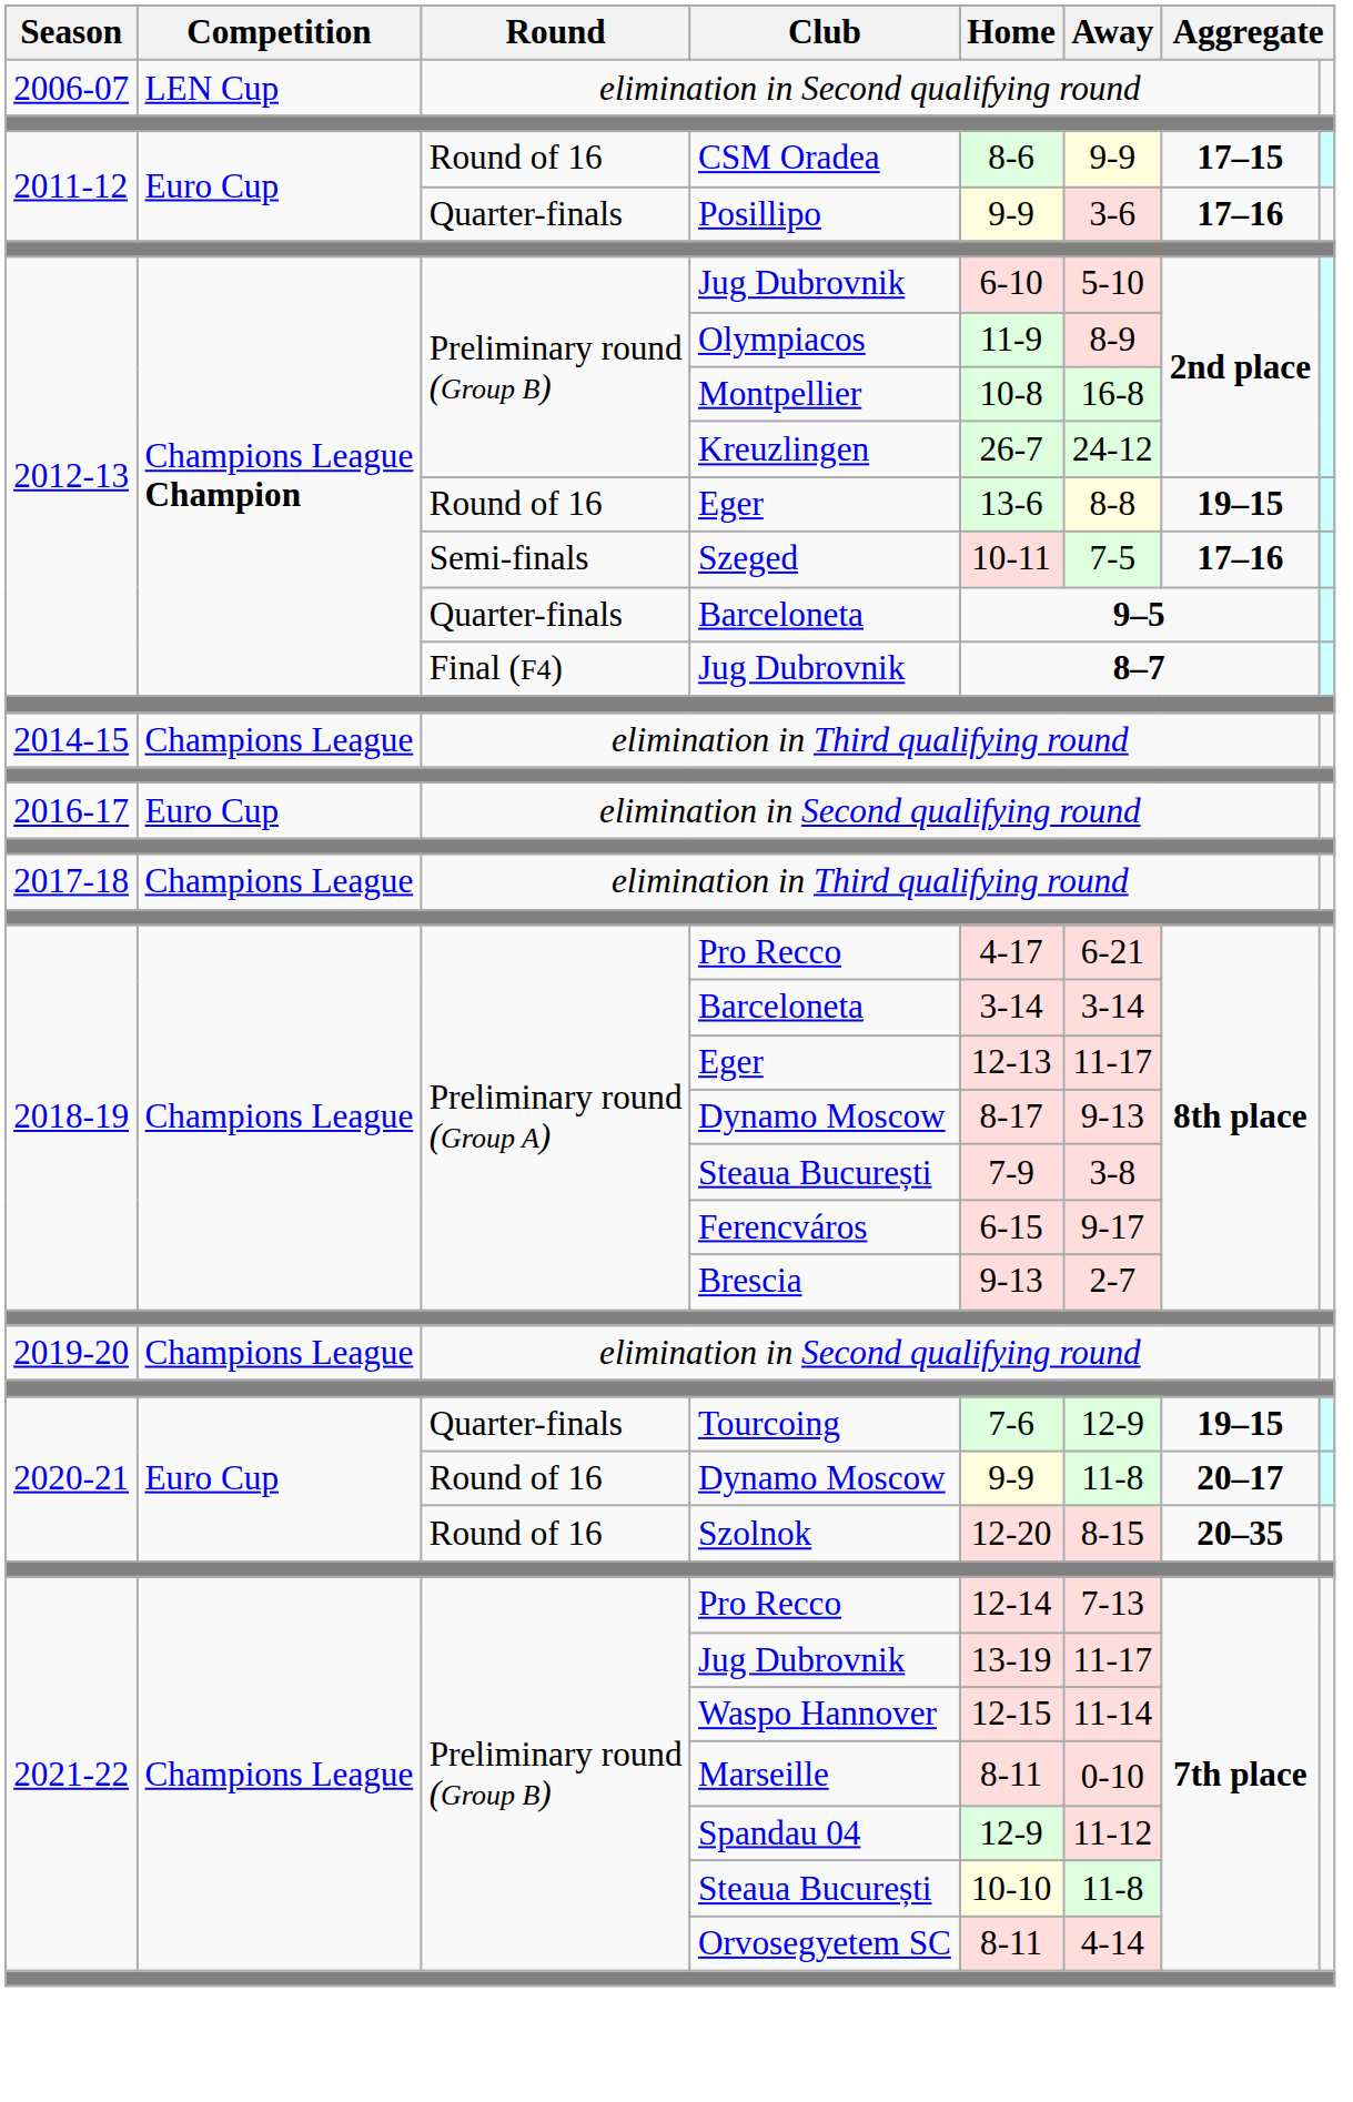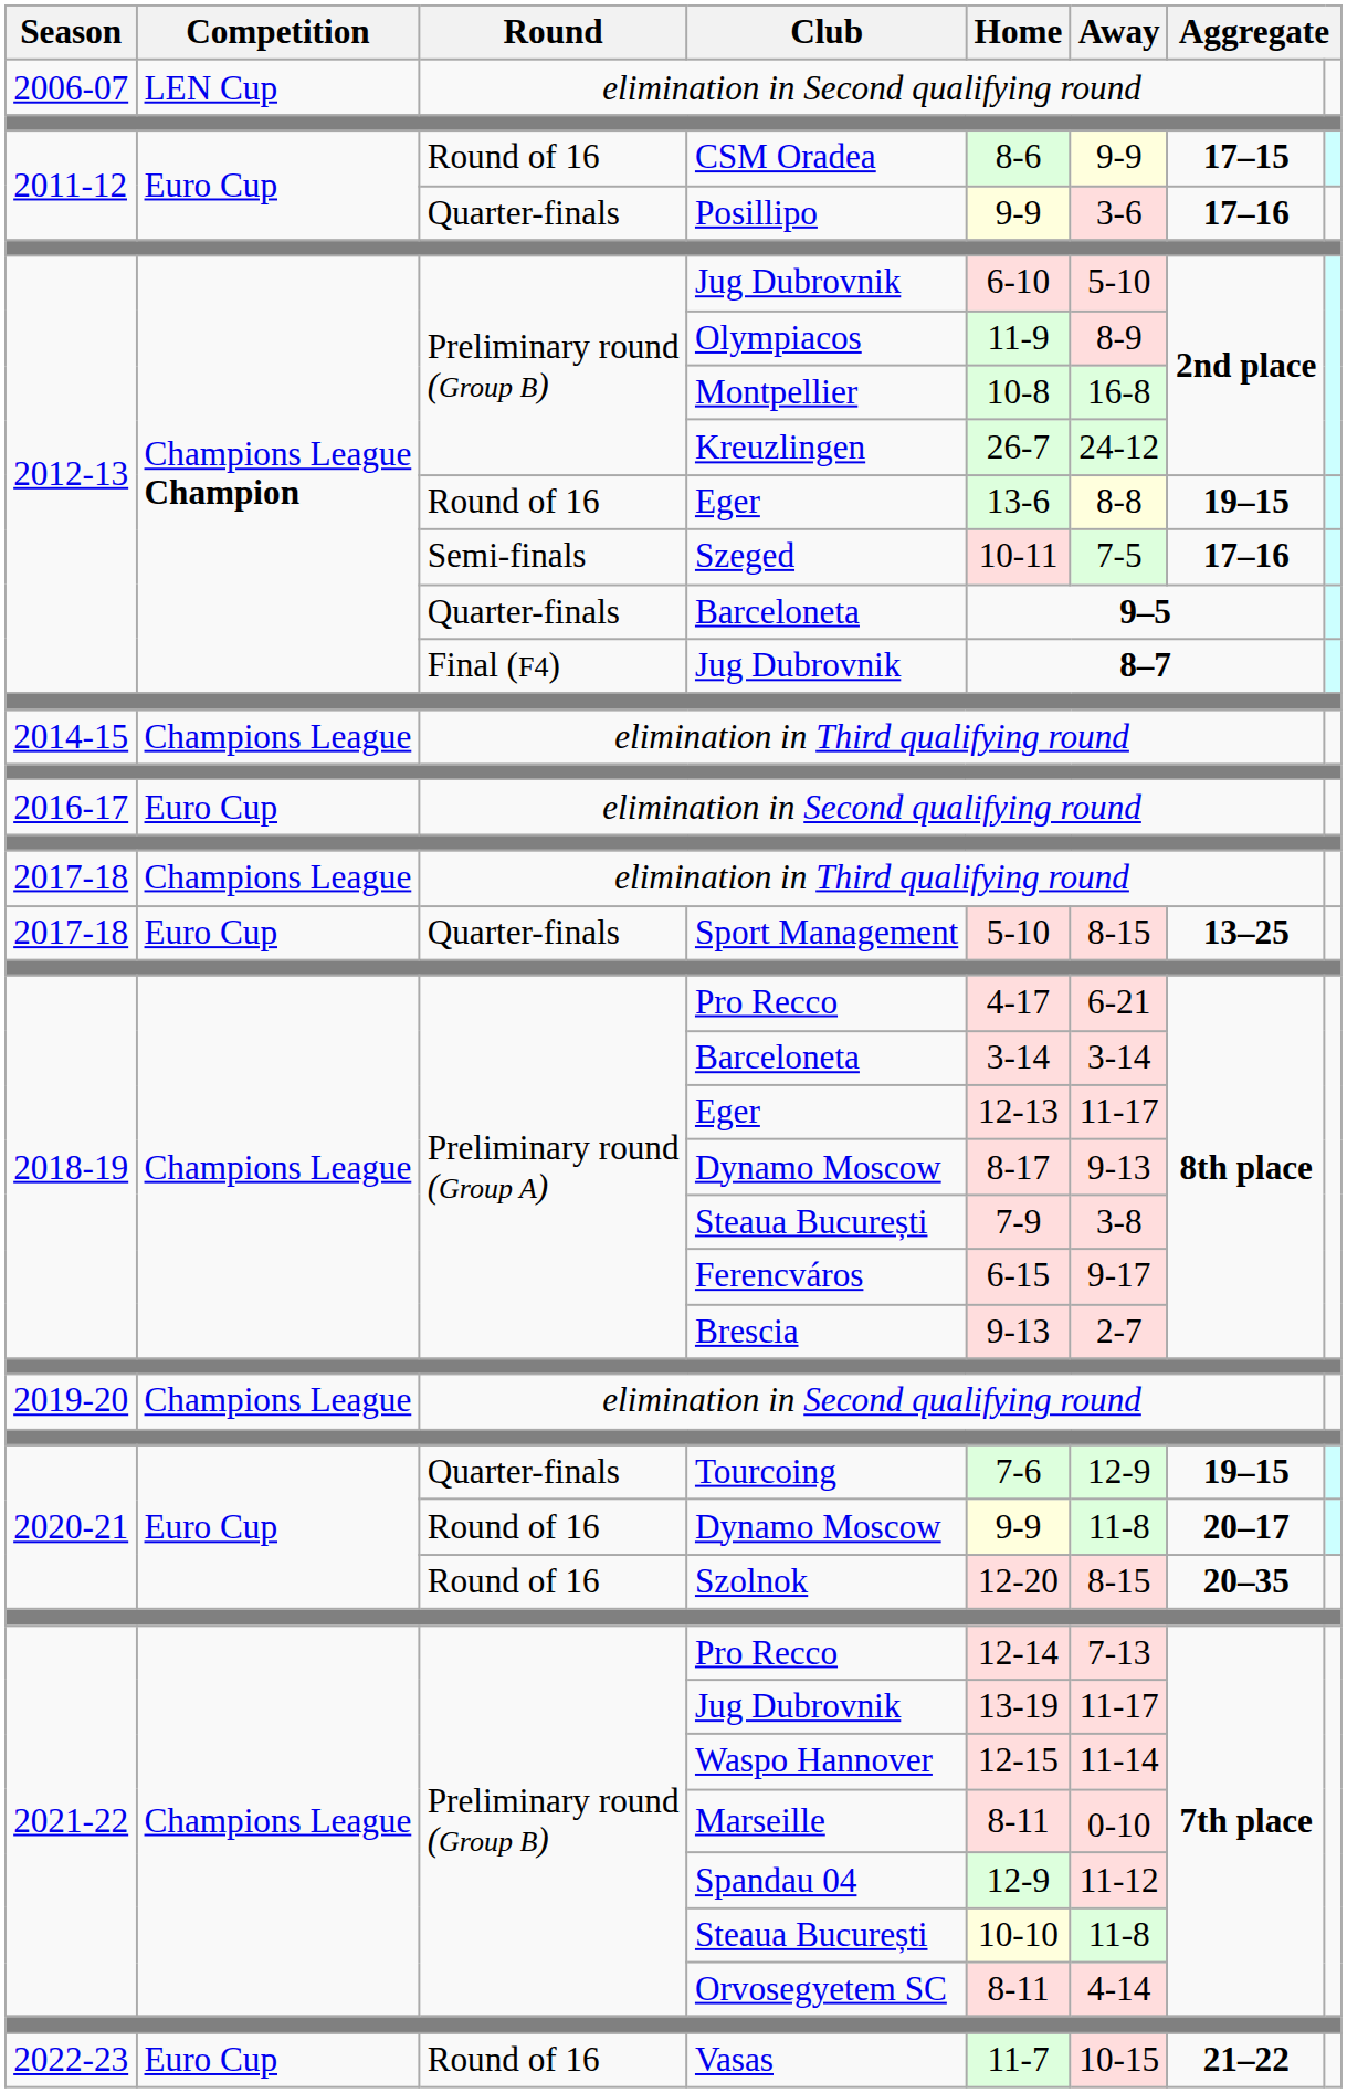 <table class="wikitable collapsible collapsed" align="center" style="text-align:left;">
 <tr>
 <th>Season</th>
 <th>Competition</th>
 <th>Round</th>
 <th>Club</th>
 <th>Home</th>
 <th>Away</th>
 <th colspan=2>Aggregate</th>
 </tr>
 <tr>
 <td rowspan=1><a href='#'>2006-07</a></td>
 <td rowspan=1><a href='#'>LEN Cup</a></td>
 <td colspan=5; align="center"><em>elimination in Second qualifying round</em></td>
 <td align="center"></td>
 </tr>
 <tr>
 <td colspan=8 style="text-align: center;" bgcolor=grey></td>
 </tr>
 <tr>
 <td rowspan=2><a href='#'>2011-12</a></td>
 <td rowspan=2><a href='#'>Euro Cup</a></td>
 <td>Round of 16</td>
 <td> <a href='#'>CSM Oradea</a></td>
 <td style="text-align:center; background:#dfd;">8-6</td>
 <td style="text-align:center; background:#ffd;">9-9</td>
 <td align=center><strong>17–15</strong></td>
 <td style="background-color:#CFF" align="center"></td>
 </tr>
 <tr>
 <td>Quarter-finals</td>
 <td> <a href='#'>Posillipo</a></td>
 <td style="text-align:center; background:#ffd;">9-9</td>
 <td style="text-align:center; background:#fdd;">3-6</td>
 <td align=center><strong>17–16</strong></td>
 <td align="center"></td>
 </tr>
 <tr>
 <td colspan=8 style="text-align: center;" bgcolor=grey></td>
 </tr>
 <tr>
 <td rowspan=8><a href='#'>2012-13</a></td>
 <td rowspan=8><a href='#'>Champions League</a><br> <strong>Champion</strong></td>
 <td rowspan=4>Preliminary round<br><em>(<small>Group B</small>)</em></td>
 <td> <a href='#'>Jug Dubrovnik</a></td>
 <td style="text-align:center; background:#fdd;">6-10</td>
 <td style="text-align:center; background:#fdd;">5-10</td>
 <td align=center rowspan=4><strong>2nd place</strong></td>
 <td style="background-color:#CFF" align="center" rowspan=4></td>
 </tr>
 <tr>
 <td> <a href='#'>Olympiacos</a></td>
 <td style="text-align:center; background:#dfd;">11-9</td>
 <td style="text-align:center; background:#fdd;">8-9</td>
 </tr>
 <tr>
 <td> <a href='#'>Montpellier</a></td>
 <td style="text-align:center; background:#dfd;">10-8</td>
 <td style="text-align:center; background:#dfd;">16-8</td>
 </tr>
 <tr>
 <td> <a href='#'>Kreuzlingen</a></td>
 <td style="text-align:center; background:#dfd;">26-7</td>
 <td style="text-align:center; background:#dfd;">24-12</td>
 </tr>
 <tr>
 <td>Round of 16</td>
 <td> <a href='#'>Eger</a></td>
 <td style="text-align:center; background:#dfd;">13-6</td>
 <td style="text-align:center; background:#ffd;">8-8</td>
 <td style="text-align:center;"><strong>19–15</strong></td>
 <td style="background-color:#CFF" align="center"></td>
 </tr>
 <tr>
 <td>Semi-finals</td>
 <td> <a href='#'>Szeged</a></td>
 <td style="text-align:center; background:#fdd;">10-11</td>
 <td style="text-align:center; background:#dfd;">7-5</td>
 <td align=center><strong>17–16</strong></td>
 <td style="background-color:#CFF" align="center"></td>
 </tr>
 <tr>
 <td>Quarter-finals</td>
 <td> <a href='#'>Barceloneta</a></td>
 <td colspan=3; style="text-align:center"><strong>9–5</strong></td>
 <td style="background-color:#CFF" align="center"></td>
 </tr>
 <tr>
 <td>Final (<small>F4</small>)</td>
 <td> <a href='#'>Jug Dubrovnik</a></td>
 <td colspan=3; style="text-align:center"><strong>8–7</strong></td>
 <td style="background-color:#CFF" align="center"></td>
 </tr>
 <tr>
 <td colspan=8 style="text-align: center;" bgcolor=grey></td>
 </tr>
 <tr>
 <td rowspan=1><a href='#'>2014-15</a></td>
 <td rowspan=1><a href='#'>Champions League</a></td>
 <td colspan=5; align="center"><em>elimination in <a href='#'>Third qualifying round</a></em></td>
 <td align="center"></td>
 </tr>
 <tr>
 <td colspan=8 style="text-align: center;" bgcolor=grey></td>
 </tr>
 <tr>
 <td rowspan=1><a href='#'>2016-17</a></td>
 <td rowspan=1><a href='#'>Euro Cup</a></td>
 <td colspan=5; align="center"><em>elimination in <a href='#'>Second qualifying round</a></em></td>
 <td align="center"></td>
 </tr>
 <tr>
 <td colspan=8 style="text-align: center;" bgcolor=grey></td>
 </tr>
 <tr>
 <td rowspan=1><a href='#'>2017-18</a></td>
 <td rowspan=1><a href='#'>Champions League</a></td>
 <td colspan=5; align="center"><em>elimination in <a href='#'>Third qualifying round</a></em></td>
+<td align="center"></td>
+</tr>
+<tr>
+<td rowspan=1><a href='#'>2017-18</a></td>
+<td rowspan=1><a href='#'>Euro Cup</a></td>
+<td>Quarter-finals</td>
+<td> <a href='#'>Sport Management</a></td>
+<td style="text-align:center; background:#fdd;">5-10</td>
+<td style="text-align:center; background:#fdd;">8-15</td>
+<td style="text-align:center;"><strong>13–25</strong></td>
 <td align="center"></td>
 </tr>
 <tr>
 <td colspan=8 style="text-align: center;" bgcolor=grey></td>
 </tr>
 <tr>
 <td rowspan=7><a href='#'>2018-19</a></td>
 <td rowspan=7><a href='#'>Champions League</a></td>
 <td rowspan=7>Preliminary round<br><em>(<small>Group A</small>)</em></td>
 <td> <a href='#'>Pro Recco</a></td>
 <td style="text-align:center; background:#fdd;">4-17</td>
 <td style="text-align:center; background:#fdd;">6-21</td>
 <td align=center rowspan=7><strong>8th place</strong></td>
 <td align="center" rowspan=7></td>
 </tr>
 <tr>
 <td> <a href='#'>Barceloneta</a></td>
 <td style="text-align:center; background:#fdd;">3-14</td>
 <td style="text-align:center; background:#fdd;">3-14</td>
 </tr>
 <tr>
 <td> <a href='#'>Eger</a></td>
 <td style="text-align:center; background:#fdd;">12-13</td>
 <td style="text-align:center; background:#fdd;">11-17</td>
 </tr>
 <tr>
 <td> <a href='#'>Dynamo Moscow</a></td>
 <td style="text-align:center; background:#fdd;">8-17</td>
 <td style="text-align:center; background:#fdd;">9-13</td>
 </tr>
 <tr>
 <td> <a href='#'>Steaua București</a></td>
 <td style="text-align:center; background:#fdd;">7-9</td>
 <td style="text-align:center; background:#fdd;">3-8</td>
 </tr>
 <tr>
 <td> <a href='#'>Ferencváros</a></td>
 <td style="text-align:center; background:#fdd;">6-15</td>
 <td style="text-align:center; background:#fdd;">9-17</td>
 </tr>
 <tr>
 <td> <a href='#'>Brescia</a></td>
 <td style="text-align:center; background:#fdd;">9-13</td>
 <td style="text-align:center; background:#fdd;">2-7</td>
 </tr>
 <tr>
 <td colspan=8 style="text-align: center;" bgcolor=grey></td>
 </tr>
 <tr>
 <td rowspan=1><a href='#'>2019-20</a></td>
 <td rowspan=1><a href='#'>Champions League</a></td>
 <td colspan=5; align="center"><em>elimination in <a href='#'>Second qualifying round</a></em></td>
 <td align="center"></td>
 </tr>
 <tr>
 <td colspan=8 style="text-align: center;" bgcolor=grey></td>
 </tr>
 <tr>
 <td rowspan=3><a href='#'>2020-21</a></td>
 <td rowspan=3><a href='#'>Euro Cup</a></td>
 <td>Quarter-finals</td>
 <td> <a href='#'>Tourcoing</a></td>
 <td style="text-align:center; background:#dfd;">7-6</td>
 <td style="text-align:center; background:#dfd;">12-9</td>
 <td style="text-align:center;"><strong>19–15</strong></td>
 <td style="background-color:#CFF" align="center"></td>
 </tr>
 <tr>
 <td>Round of 16</td>
 <td> <a href='#'>Dynamo Moscow</a></td>
 <td style="text-align:center; background:#ffd;">9-9</td>
 <td style="text-align:center; background:#dfd;">11-8</td>
 <td style="text-align:center;"><strong>20–17</strong></td>
 <td style="background-color:#CFF" align="center"></td>
 </tr>
 <tr>
 <td>Round of 16</td>
 <td> <a href='#'>Szolnok</a></td>
 <td style="text-align:center; background:#fdd;">12-20</td>
 <td style="text-align:center; background:#fdd;">8-15</td>
 <td style="text-align:center;"><strong>20–35</strong></td>
 <td align="center"></td>
 </tr>
 <tr>
 <td colspan=8 style="text-align: center;" bgcolor=grey></td>
 </tr>
 <tr>
 <td rowspan=7><a href='#'>2021-22</a></td>
 <td rowspan=7><a href='#'>Champions League</a></td>
 <td rowspan=7>Preliminary round<br><em>(<small>Group B</small>)</em></td>
 <td> <a href='#'>Pro Recco</a></td>
 <td style="text-align:center; background:#fdd;">12-14</td>
 <td style="text-align:center; background:#fdd;">7-13</td>
 <td align=center rowspan=7><strong>7th place</strong></td>
 <td align="center" rowspan=7></td>
 </tr>
 <tr>
 <td> <a href='#'>Jug Dubrovnik</a></td>
 <td style="text-align:center; background:#fdd;">13-19</td>
 <td style="text-align:center; background:#fdd;">11-17</td>
 </tr>
 <tr>
 <td> <a href='#'>Waspo Hannover</a></td>
 <td style="text-align:center; background:#fdd;">12-15</td>
 <td style="text-align:center; background:#fdd;">11-14</td>
 </tr>
 <tr>
 <td> <a href='#'>Marseille</a></td>
 <td style="text-align:center; background:#fdd;">8-11</td>
 <td style="text-align:center; background:#fdd;">0-10<sup></sup></td>
 </tr>
 <tr>
 <td> <a href='#'>Spandau 04</a></td>
 <td style="text-align:center; background:#dfd;">12-9</td>
 <td style="text-align:center; background:#fdd;">11-12</td>
 </tr>
 <tr>
 <td> <a href='#'>Steaua București</a></td>
 <td style="text-align:center; background:#ffd;">10-10</td>
 <td style="text-align:center; background:#dfd;">11-8</td>
 </tr>
 <tr>
 <td> <a href='#'>Orvosegyetem SC</a></td>
 <td style="text-align:center; background:#fdd;">8-11</td>
 <td style="text-align:center; background:#fdd;">4-14</td>
 </tr>
 <tr>
 <td colspan=8 style="text-align: center;" bgcolor=grey></td>
 </tr>
+<tr>
+<td rowspan=1><a href='#'>2022-23</a></td>
+<td rowspan=1><a href='#'>Euro Cup</a></td>
+<td>Round of 16</td>
+<td> <a href='#'>Vasas</a></td>
+<td style="text-align:center; background:#dfd;">11-7</td>
+<td style="text-align:center; background:#fdd;">10-15</td>
+<td style="text-align:center;"><strong>21–22</strong></td>
+<td align="center"></td>
+</tr>
 </table>
